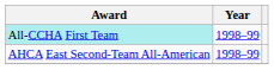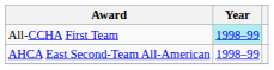 <table class="wikitable">
 <tr>
 <th>Award</th>
 <th>Year</th>
 <th></th>
 </tr>
 <tr>
-<td style="background: paleturquoise;">All-<a href='#'>CCHA</a> <a href='#'>First Team</a></td>
-<td><a href='#'>1998–99</a></td>
+<td>All-<a href='#'>CCHA</a> <a href='#'>First Team</a></td>
+<td style="background: paleturquoise;"><a href='#'>1998–99</a></td>
 <td></td>
 </tr>
 <tr>
 <td><a href='#'>AHCA</a> <a href='#'>East Second-Team All-American</a></td>
 <td><a href='#'>1998–99</a></td>
 <td></td>
 </tr>
 <tr>
 </tr>
 </table>
